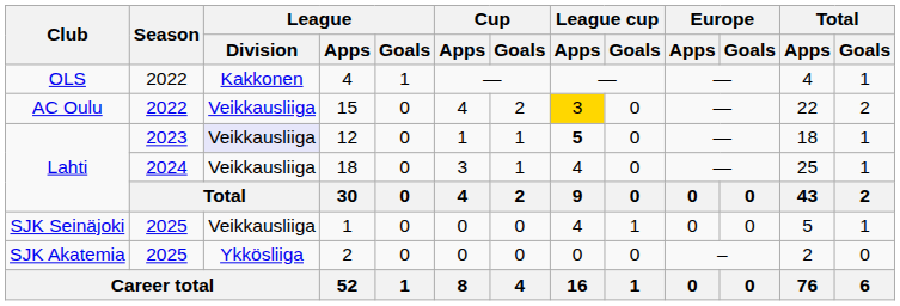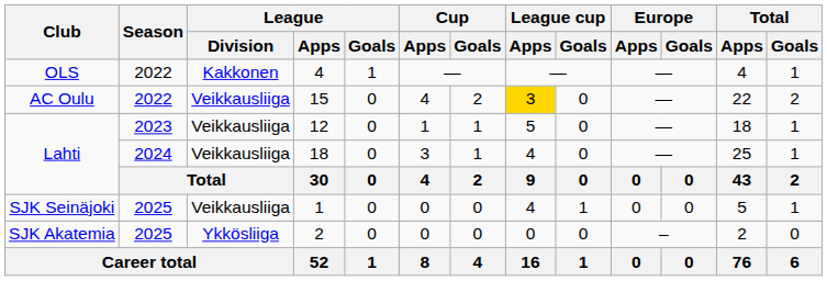 <table class="wikitable" style="text-align:center">
 <tr>
 <th rowspan="2">Club</th>
 <th rowspan="2">Season</th>
 <th colspan="3">League</th>
 <th colspan="2">Cup</th>
 <th colspan="2">League cup</th>
 <th colspan="2">Europe</th>
 <th colspan="2">Total</th>
 </tr>
 <tr>
 <th>Division</th>
 <th>Apps</th>
 <th>Goals</th>
 <th>Apps</th>
 <th>Goals</th>
 <th>Apps</th>
 <th>Goals</th>
 <th>Apps</th>
 <th>Goals</th>
 <th>Apps</th>
 <th>Goals</th>
 </tr>
 <tr>
 <td><a href='#'>OLS</a></td>
 <td>2022</td>
 <td><a href='#'>Kakkonen</a></td>
 <td>4</td>
 <td>1</td>
 <td colspan="2">—</td>
 <td colspan="2">—</td>
 <td colspan="2">—</td>
 <td>4</td>
 <td>1</td>
 </tr>
 <tr>
 <td><a href='#'>AC Oulu</a></td>
 <td><a href='#'>2022</a></td>
 <td><a href='#'>Veikkausliiga</a></td>
 <td>15</td>
 <td>0</td>
 <td>4</td>
 <td>2</td>
 <td style="background: gold;">3</td>
 <td>0</td>
 <td colspan="2">—</td>
 <td>22</td>
 <td>2</td>
 </tr>
 <tr>
 <td rowspan="3"><a href='#'>Lahti</a></td>
 <td><a href='#'>2023</a></td>
-<td style="background: lavender;">Veikkausliiga</td>
+<td>Veikkausliiga</td>
 <td>12</td>
 <td>0</td>
 <td>1</td>
 <td>1</td>
-<td><strong>5</strong></td>
+<td>5</td>
 <td>0</td>
 <td colspan="2">—</td>
 <td>18</td>
 <td>1</td>
 </tr>
 <tr>
 <td><a href='#'>2024</a></td>
 <td>Veikkausliiga</td>
 <td>18</td>
 <td>0</td>
 <td>3</td>
 <td>1</td>
 <td>4</td>
 <td>0</td>
 <td colspan="2">—</td>
 <td>25</td>
 <td>1</td>
 </tr>
 <tr>
 <th colspan="2">Total</th>
 <th>30</th>
 <th>0</th>
 <th>4</th>
 <th>2</th>
 <th>9</th>
 <th>0</th>
 <th>0</th>
 <th>0</th>
 <th>43</th>
 <th>2</th>
 </tr>
 <tr>
 <td><a href='#'>SJK Seinäjoki</a></td>
 <td><a href='#'>2025</a></td>
 <td>Veikkausliiga</td>
 <td>1</td>
 <td>0</td>
 <td>0</td>
 <td>0</td>
 <td>4</td>
 <td>1</td>
 <td>0</td>
 <td>0</td>
 <td>5</td>
 <td>1</td>
 </tr>
 <tr>
 <td><a href='#'>SJK Akatemia</a></td>
 <td><a href='#'>2025</a></td>
 <td><a href='#'>Ykkösliiga</a></td>
 <td>2</td>
 <td>0</td>
 <td>0</td>
 <td>0</td>
 <td>0</td>
 <td>0</td>
 <td colspan=2>–</td>
 <td>2</td>
 <td>0</td>
 </tr>
 <tr>
 <th colspan="3">Career total</th>
 <th>52</th>
 <th>1</th>
 <th>8</th>
 <th>4</th>
 <th>16</th>
 <th>1</th>
 <th>0</th>
 <th>0</th>
 <th>76</th>
 <th>6</th>
 </tr>
 </table>
